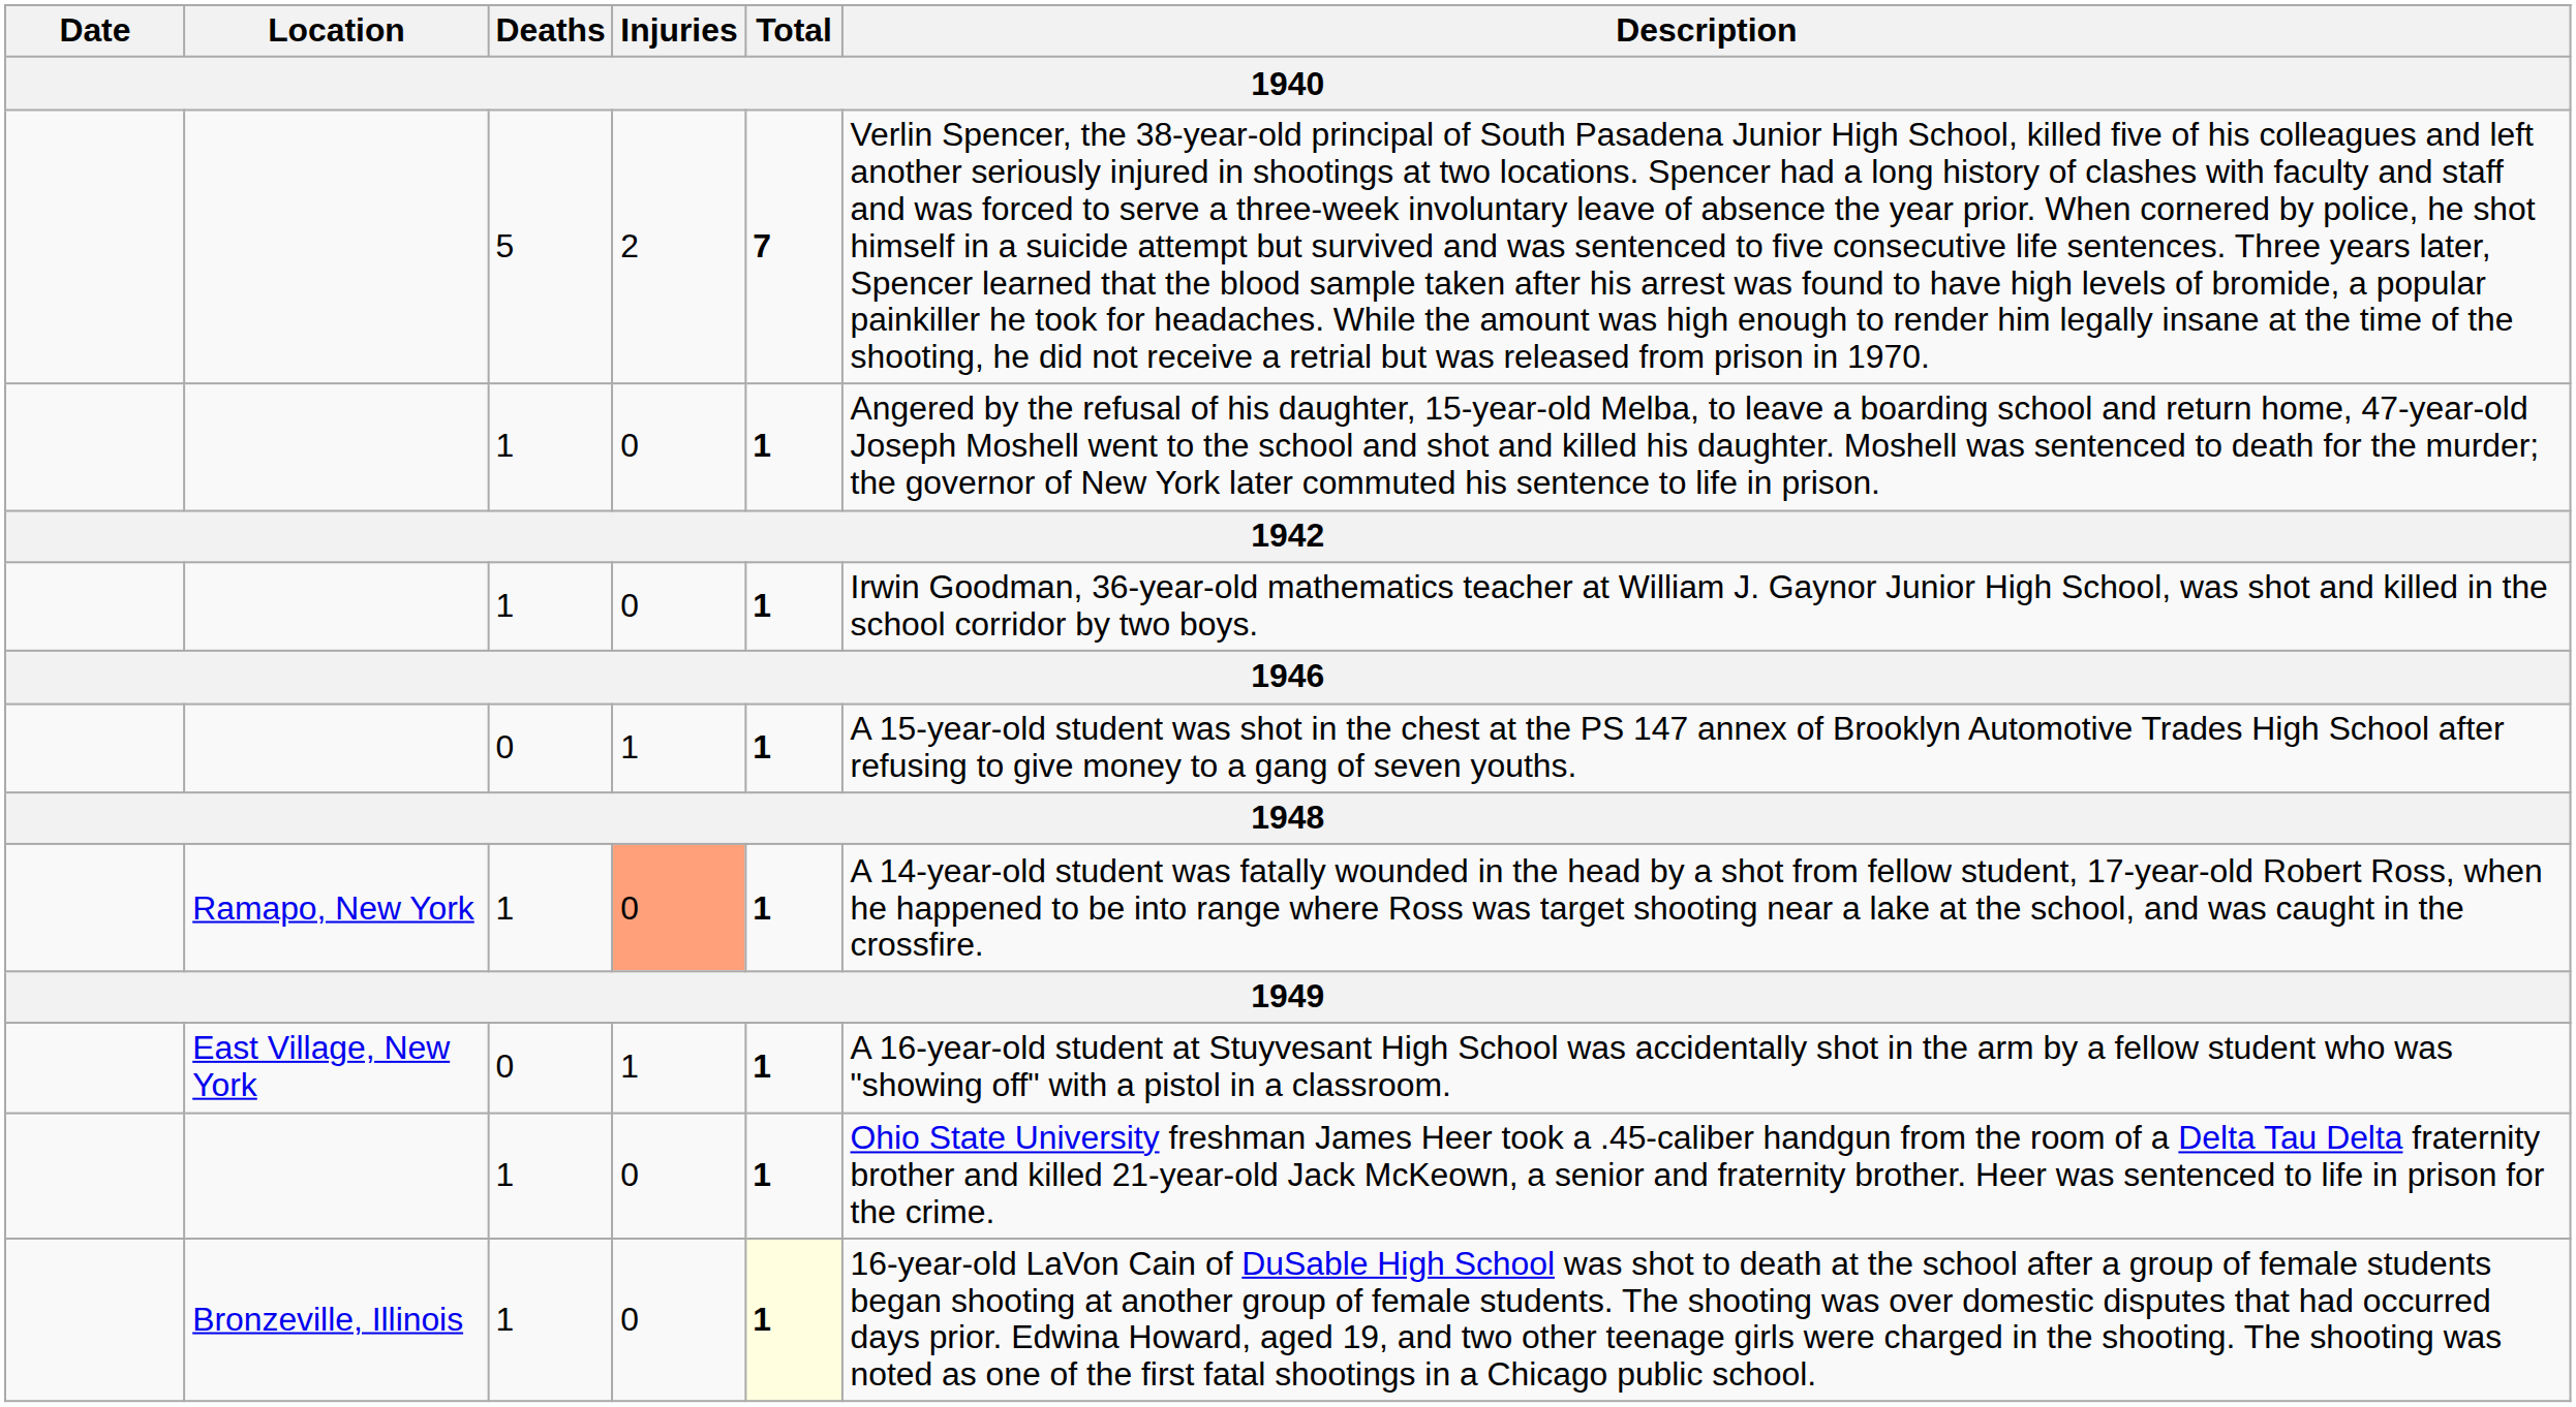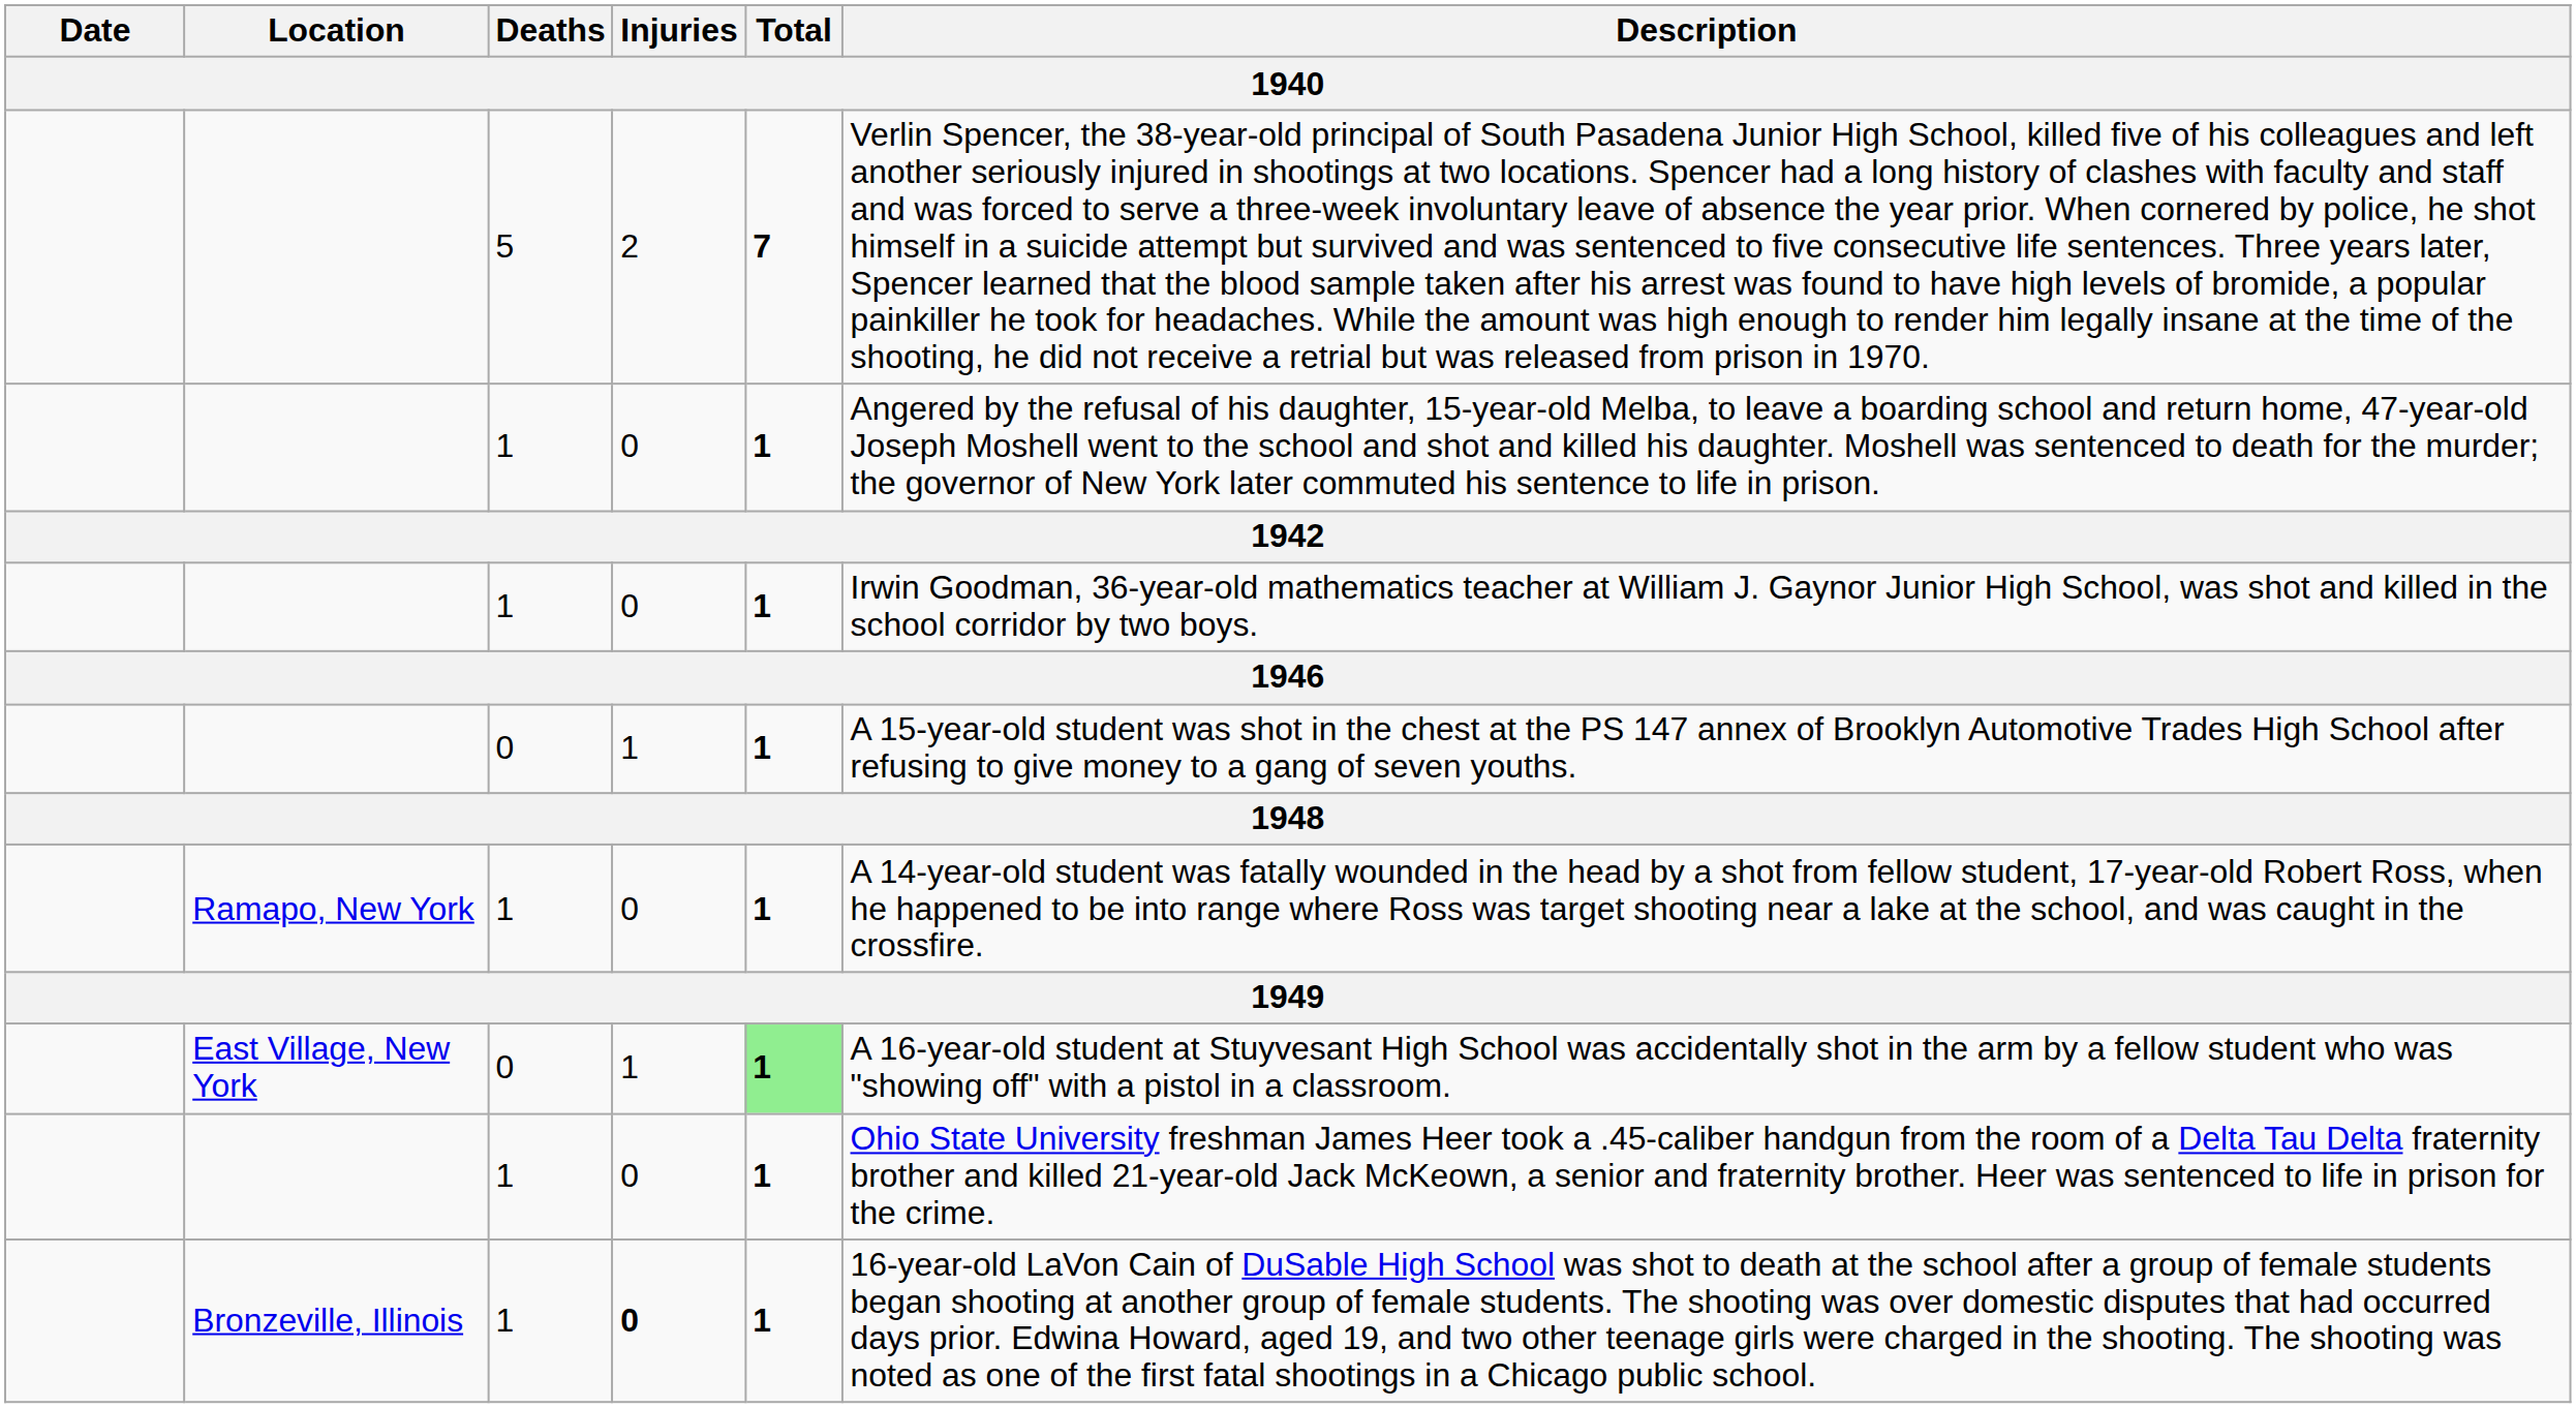 <table class="sortable wikitable" style="font-size:100%;" id="1940s">
 <tr>
 </tr>
 <tr>
 <th style="width:80px;">Date</th>
 <th style="width:140px;">Location</th>
 <th style="width:40px;">Deaths</th>
 <th style="width:40px;">Injuries</th>
 <th style="width:40px;">Total</th>
 <th class="unsortable">Description</th>
 </tr>
 <tr>
 <th colspan="6">1940 </th>
 </tr>
 <tr>
 <td></td>
 <td></td>
 <td>5</td>
 <td>2</td>
 <td><strong>7</strong></td>
 <td>Verlin Spencer, the 38-year-old principal of South Pasadena Junior High School, killed five of his colleagues and left another seriously injured in shootings at two locations. Spencer had a long history of clashes with faculty and staff and was forced to serve a three-week involuntary leave of absence the year prior. When cornered by police, he shot himself in a suicide attempt but survived and was sentenced to five consecutive life sentences. Three years later, Spencer learned that the blood sample taken after his arrest was found to have high levels of bromide, a popular painkiller he took for headaches. While the amount was high enough to render him legally insane at the time of the shooting, he did not receive a retrial but was released from prison in 1970.</td>
 </tr>
 <tr>
 <td></td>
 <td></td>
 <td>1</td>
 <td>0</td>
 <td><strong>1</strong></td>
 <td>Angered by the refusal of his daughter, 15-year-old Melba, to leave a boarding school and return home, 47-year-old Joseph Moshell went to the school and shot and killed his daughter. Moshell was sentenced to death for the murder; the governor of New York later commuted his sentence to life in prison.</td>
 </tr>
 <tr>
 <th colspan="6">1942 </th>
 </tr>
 <tr>
 <td></td>
 <td></td>
 <td>1</td>
 <td>0</td>
 <td><strong>1</strong></td>
 <td>Irwin Goodman, 36-year-old mathematics teacher at William J. Gaynor Junior High School, was shot and killed in the school corridor by two boys.</td>
 </tr>
 <tr>
 <th colspan="6">1946 </th>
 </tr>
 <tr>
 <td></td>
 <td></td>
 <td>0</td>
 <td>1</td>
 <td><strong>1</strong></td>
 <td>A 15-year-old student was shot in the chest at the PS 147 annex of Brooklyn Automotive Trades High School after refusing to give money to a gang of seven youths.</td>
 </tr>
 <tr>
 <th colspan="6">1948 </th>
 </tr>
 <tr>
 <td></td>
 <td><a href='#'>Ramapo, New York</a></td>
 <td>1</td>
-<td style="background: lightsalmon;">0</td>
+<td>0</td>
 <td><strong>1</strong></td>
 <td>A 14-year-old student was fatally wounded in the head by a shot from fellow student, 17-year-old Robert Ross, when he happened to be into range where Ross was target shooting near a lake at the school, and was caught in the crossfire.</td>
 </tr>
 <tr>
 <th colspan="6">1949 </th>
 </tr>
 <tr>
 <td></td>
 <td sort><a href='#'>East Village, New York</a></td>
 <td>0</td>
 <td>1</td>
-<td><strong>1</strong></td>
+<td style="background: lightgreen;"><strong>1</strong></td>
 <td>A 16-year-old student at Stuyvesant High School was accidentally shot in the arm by a fellow student who was "showing off" with a pistol in a classroom.</td>
 </tr>
 <tr>
 <td></td>
 <td></td>
 <td>1</td>
 <td>0</td>
 <td><strong>1</strong></td>
 <td><a href='#'>Ohio State University</a> freshman James Heer took a .45-caliber handgun from the room of a <a href='#'>Delta Tau Delta</a> fraternity brother and killed 21-year-old Jack McKeown, a senior and fraternity brother. Heer was sentenced to life in prison for the crime.</td>
 </tr>
 <tr>
 <td></td>
 <td sort><a href='#'>Bronzeville, Illinois</a></td>
 <td>1</td>
-<td>0</td>
-<td style="background: lightyellow;"><strong>1</strong></td>
+<td><strong>0</strong></td>
+<td><strong>1</strong></td>
 <td>16-year-old LaVon Cain of <a href='#'>DuSable High School</a> was shot to death at the school after a group of female students began shooting at another group of female students. The shooting was over domestic disputes that had occurred days prior. Edwina Howard, aged 19, and two other teenage girls were charged in the shooting. The shooting was noted as one of the first fatal shootings in a Chicago public school.</td>
 </tr>
 </table>
